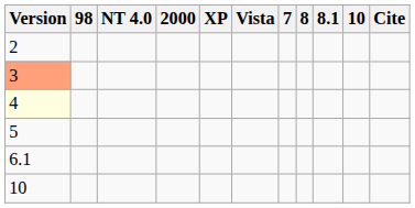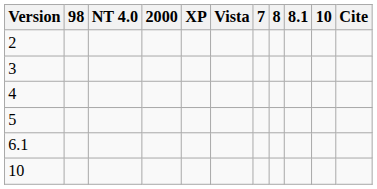 <table class="wikitable">
 <tr>
 <th>Version</th>
 <th>98</th>
 <th>NT 4.0</th>
 <th>2000</th>
 <th>XP</th>
 <th>Vista</th>
 <th>7</th>
 <th>8</th>
 <th>8.1</th>
 <th>10</th>
 <th>Cite</th>
 </tr>
 <tr>
 <td>2</td>
 <td></td>
 <td></td>
 <td></td>
 <td></td>
 <td></td>
 <td></td>
 <td></td>
 <td></td>
 <td></td>
 </tr>
 <tr>
-<td style="background: lightsalmon;">3</td>
+<td>3</td>
 <td></td>
 <td></td>
 <td></td>
 <td></td>
 <td></td>
 <td></td>
 <td></td>
 <td></td>
 <td></td>
 <td></td>
 </tr>
 <tr>
-<td style="background: lightyellow;">4</td>
+<td>4</td>
 <td></td>
 <td></td>
 <td></td>
 <td></td>
 <td></td>
 <td></td>
 <td></td>
 <td></td>
 <td></td>
 </tr>
 <tr>
 <td>5</td>
 <td></td>
 <td></td>
 <td></td>
 <td></td>
 <td></td>
 <td></td>
 <td></td>
 <td></td>
 <td></td>
 <td></td>
 </tr>
 <tr>
 <td>6.1</td>
 <td></td>
 <td></td>
 <td></td>
 <td></td>
 <td></td>
 <td></td>
 <td></td>
 <td></td>
 <td></td>
 <td></td>
 </tr>
 <tr>
 <td>10</td>
 <td></td>
 <td></td>
 <td></td>
 <td></td>
 <td></td>
 <td></td>
 <td></td>
 <td></td>
 <td></td>
 <td></td>
 </tr>
 </table>
